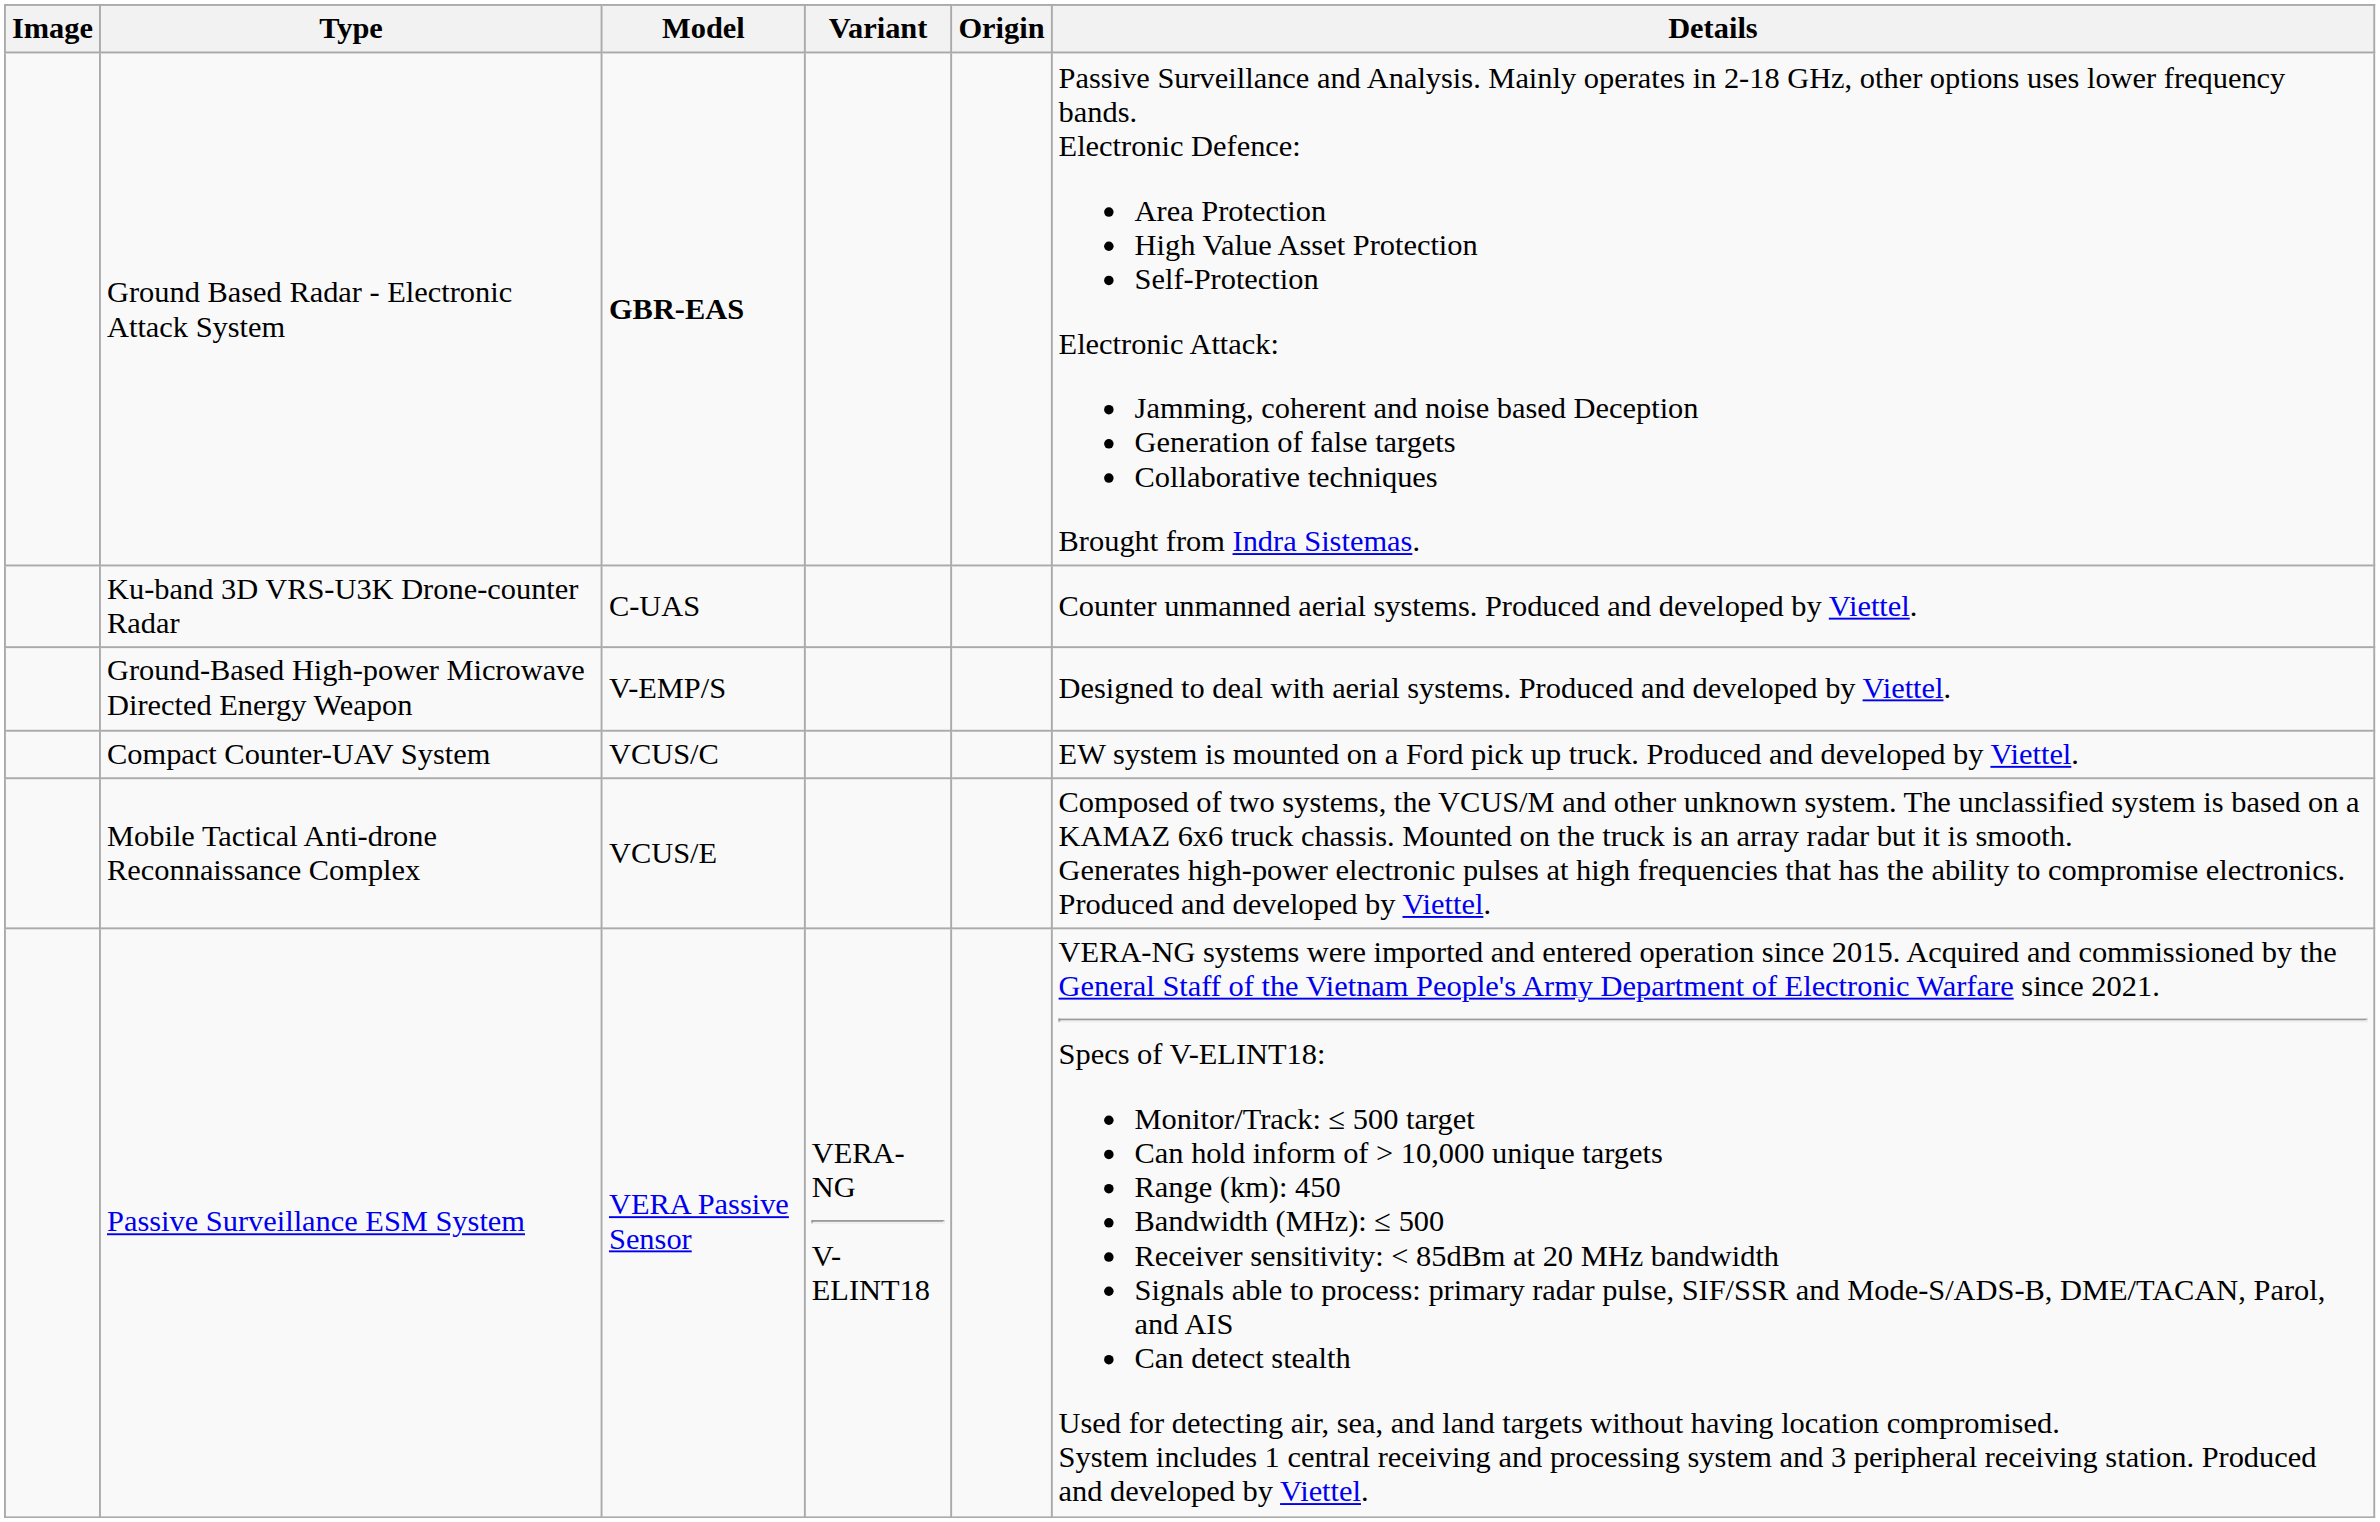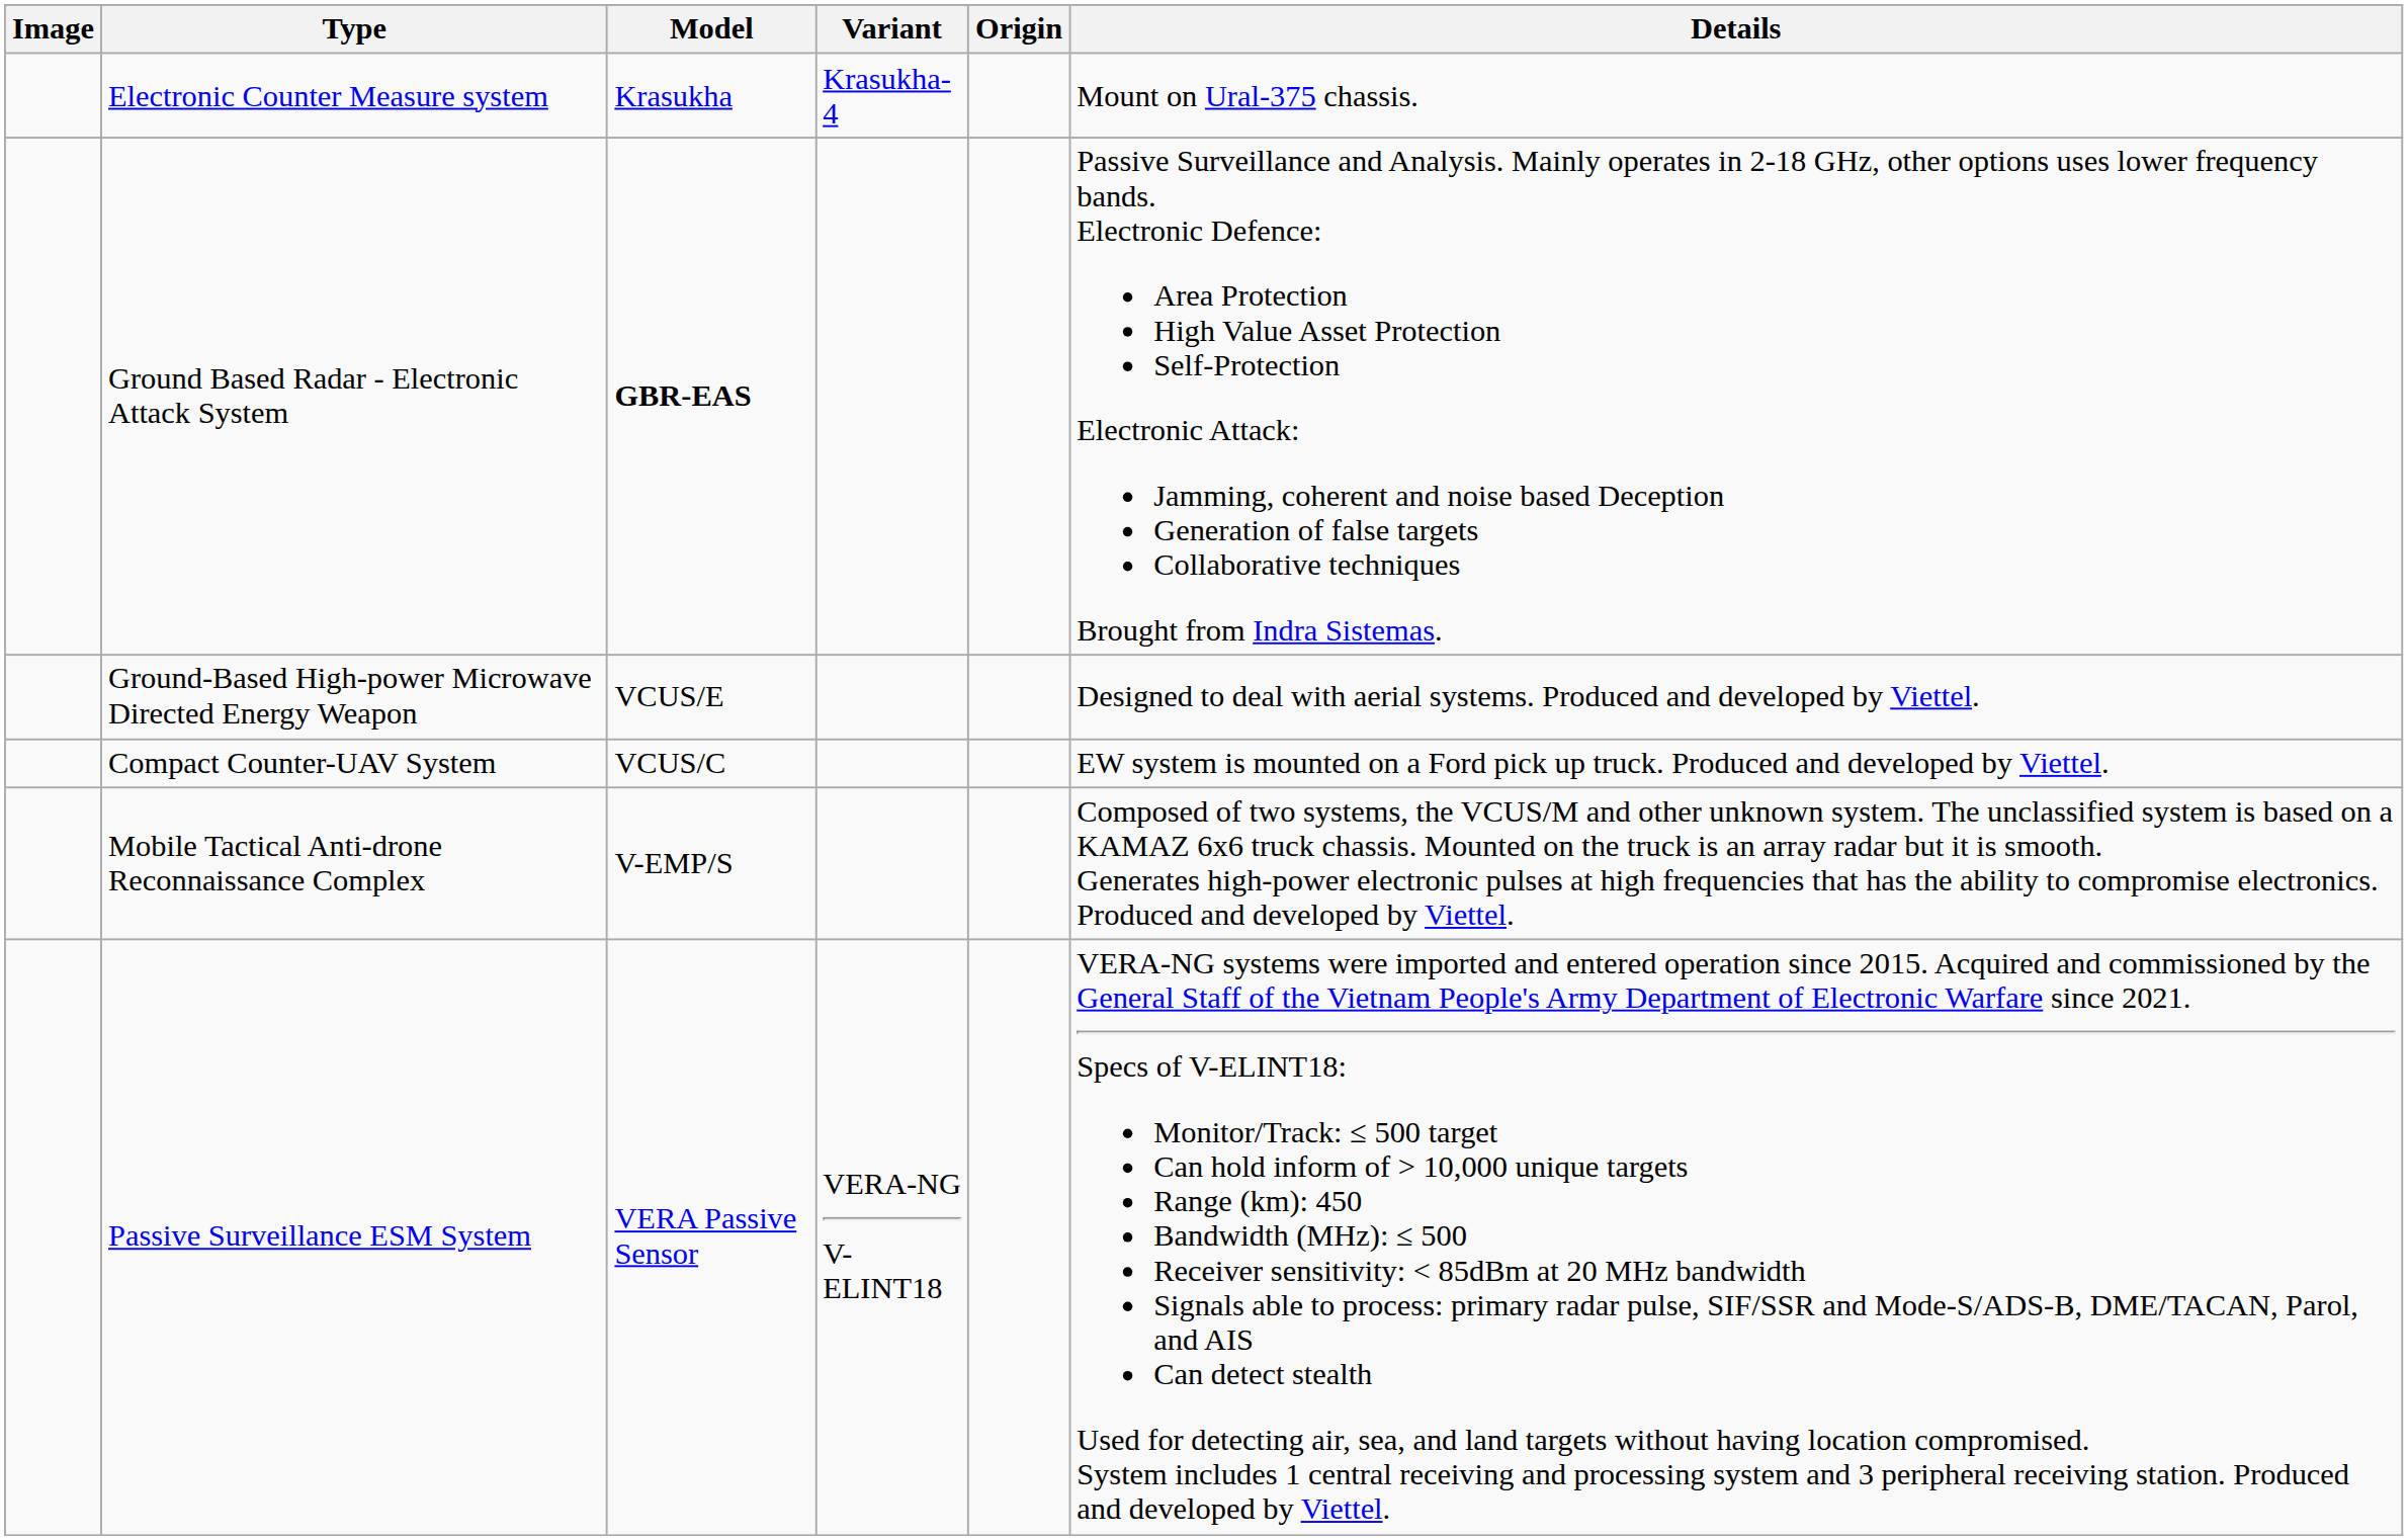 <table class="wikitable">
 <tr>
 <th style="text-align: center;">Image</th>
 <th style="text-align: center;">Type</th>
 <th style="text-align: center;">Model</th>
 <th style="text-align: center;">Variant</th>
 <th style="text-align: center;">Origin</th>
 <th>Details</th>
 </tr>
 <tr>
 <td></td>
+<td><a href='#'>Electronic Counter Measure system</a></td>
+<td><a href='#'>Krasukha</a></td>
+<td><a href='#'>Krasukha-4</a></td>
+<td></td>
+<td>Mount on <a href='#'>Ural-375</a> chassis.</td>
+</tr>
+<tr>
+<td></td>
 <td>Ground Based Radar - Electronic Attack System</td>
 <td><strong>GBR-EAS</strong></td>
 <td></td>
 <td></td>
 <td>Passive Surveillance and Analysis. Mainly operates in 2-18 GHz, other options uses lower frequency bands.<br>Electronic Defence:<ul><li>Area Protection</li><li>High Value Asset Protection</li><li>Self-Protection</li></ul>Electronic Attack:<ul><li>Jamming, coherent and noise based Deception</li><li>Generation of false targets</li><li>Collaborative techniques</li></ul>Brought from <a href='#'>Indra Sistemas</a>.</td>
 </tr>
 <tr>
 <td></td>
-<td>Ku-band 3D VRS-U3K Drone-counter Radar</td>
-<td>C-UAS</td>
-<td></td>
-<td></td>
-<td>Counter unmanned aerial systems. Produced and developed by <a href='#'>Viettel</a>.</td>
-</tr>
-<tr>
-<td></td>
 <td>Ground-Based High-power Microwave Directed Energy Weapon</td>
-<td>V-EMP/S</td>
+<td>VCUS/E</td>
 <td></td>
 <td></td>
 <td>Designed to deal with aerial systems. Produced and developed by <a href='#'>Viettel</a>.</td>
 </tr>
 <tr>
 <td></td>
 <td>Compact Counter-UAV System</td>
 <td>VCUS/C</td>
 <td></td>
 <td></td>
 <td>EW system is mounted on a Ford pick up truck. Produced and developed by <a href='#'>Viettel</a>.</td>
 </tr>
 <tr>
 <td></td>
 <td>Mobile Tactical Anti-drone Reconnaissance Complex</td>
-<td>VCUS/E</td>
+<td>V-EMP/S</td>
 <td></td>
 <td></td>
 <td>Composed of two systems, the VCUS/M and other unknown system. The unclassified system is based on a KAMAZ 6x6 truck chassis. Mounted on the truck is an array radar but it is smooth.<br>Generates high-power electronic pulses at high frequencies that has the ability to compromise electronics. Produced and developed by <a href='#'>Viettel</a>.</td>
 </tr>
 <tr>
 <td></td>
 <td><a href='#'>Passive Surveillance ESM System</a></td>
 <td><a href='#'>VERA Passive Sensor</a></td>
 <td>VERA-NG<hr>V-ELINT18</td>
 <td><br></td>
 <td>VERA-NG systems were imported and entered operation since 2015. Acquired and commissioned by the <a href='#'>General Staff of the Vietnam People's Army Department of Electronic Warfare</a> since 2021.<br><hr> Specs of V-ELINT18:<ul><li>Monitor/Track: ≤ 500 target</li><li>Can hold inform of > 10,000 unique targets</li><li>Range (km): 450</li><li>Bandwidth (MHz): ≤ 500</li><li>Receiver sensitivity: < 85dBm at 20 MHz bandwidth</li><li>Signals able to process: primary radar pulse, SIF/SSR and Mode-S/ADS-B, DME/TACAN, Parol, and AIS</li><li>Can detect stealth</li></ul>Used for detecting air, sea, and land targets without having location compromised.<br>System includes 1 central receiving and processing system and 3 peripheral receiving station. Produced and developed by <a href='#'>Viettel</a>.</td>
 </tr>
 </table>
